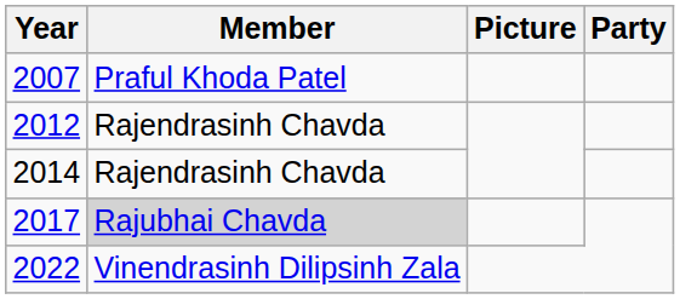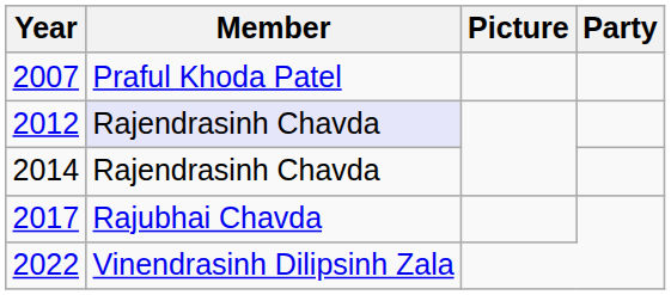 <table class="wikitable sortable">
 <tr>
 <th>Year</th>
 <th>Member</th>
 <th>Picture</th>
 <th colspan="2">Party</th>
 </tr>
 <tr>
 <td><a href='#'>2007</a></td>
 <td><a href='#'>Praful Khoda Patel</a></td>
 <td></td>
 <td></td>
 </tr>
 <tr>
 <td><a href='#'>2012</a></td>
-<td>Rajendrasinh Chavda</td>
+<td style="background: lavender;">Rajendrasinh Chavda</td>
 <td rowspan=2></td>
 <td></td>
 </tr>
 <tr>
 <td>2014</td>
 <td>Rajendrasinh Chavda</td>
 <td></td>
 </tr>
 <tr>
 <td><a href='#'>2017</a></td>
-<td style="background: lightgrey;"><a href='#'>Rajubhai Chavda</a></td>
+<td><a href='#'>Rajubhai Chavda</a></td>
 <td></td>
 </tr>
 <tr>
 <td><a href='#'>2022</a></td>
 <td><a href='#'>Vinendrasinh Dilipsinh Zala</a></td>
 </tr>
 </table>
